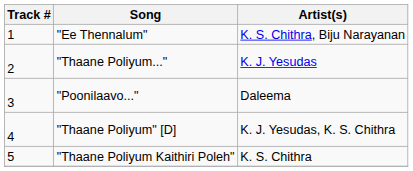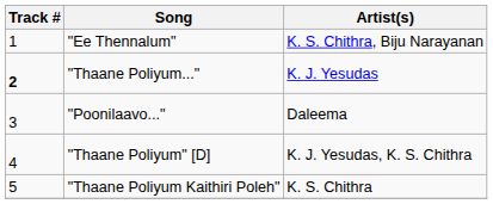 <table class="wikitable" style="font-size:95%;">
 <tr>
 <th>Track #</th>
 <th>Song</th>
 <th>Artist(s)</th>
 </tr>
 <tr>
 <td>1</td>
 <td>"Ee Thennalum"</td>
 <td><a href='#'>K. S. Chithra</a>, Biju Narayanan</td>
 </tr>
 <tr>
-<td><br>2</td>
+<td><strong><br>2</strong></td>
 <td>"Thaane Poliyum..."</td>
 <td><a href='#'>K. J. Yesudas</a></td>
 </tr>
 <tr>
 <td><br>3</td>
 <td>"Poonilaavo..."</td>
 <td>Daleema</td>
 </tr>
 <tr>
 <td><br>4</td>
 <td>"Thaane Poliyum" [D]</td>
 <td>K. J. Yesudas, K. S. Chithra</td>
 </tr>
 <tr>
 <td>5</td>
 <td>"Thaane Poliyum Kaithiri Poleh"</td>
 <td>K. S. Chithra</td>
 </tr>
 <tr>
 </tr>
 </table>
